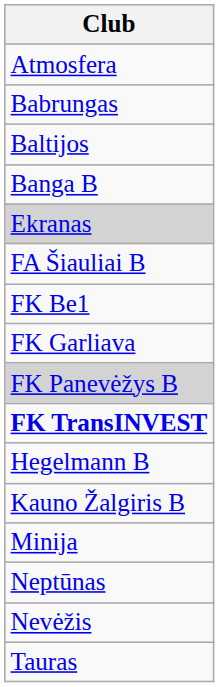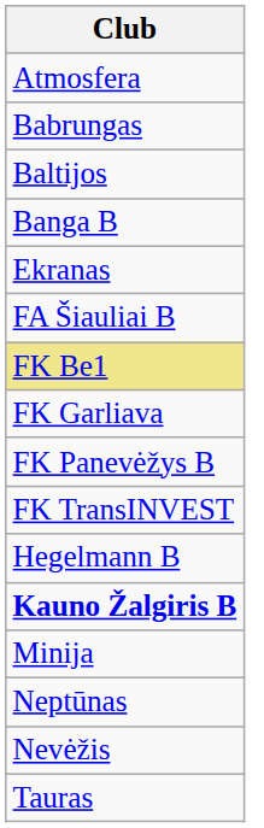 <table class="wikitable sortable">
 <tr>
 <th>Club</th>
 </tr>
 <tr>
 <td><a href='#'>Atmosfera</a></td>
 </tr>
 <tr>
 <td><a href='#'>Babrungas</a></td>
 </tr>
 <tr>
 <td><a href='#'>Baltijos</a></td>
 </tr>
 <tr>
 <td><a href='#'>Banga B</a></td>
 </tr>
 <tr>
-<td style="background: lightgrey;"><a href='#'>Ekranas</a></td>
+<td><a href='#'>Ekranas</a></td>
 </tr>
 <tr>
 <td><a href='#'>FA Šiauliai B</a></td>
 </tr>
 <tr>
-<td><a href='#'>FK Be1</a></td>
+<td style="background: khaki;"><a href='#'>FK Be1</a></td>
 </tr>
 <tr>
 <td><a href='#'>FK Garliava</a></td>
 </tr>
 <tr>
-<td style="background: lightgrey;"><a href='#'>FK Panevėžys B</a></td>
+<td><a href='#'>FK Panevėžys B</a></td>
 </tr>
 <tr>
-<td><strong><a href='#'>FK TransINVEST</a></strong></td>
+<td><a href='#'>FK TransINVEST</a></td>
 </tr>
 <tr>
 <td><a href='#'>Hegelmann B</a></td>
 </tr>
 <tr>
-<td><a href='#'>Kauno Žalgiris B</a></td>
+<td><strong><a href='#'>Kauno Žalgiris B</a></strong></td>
 </tr>
 <tr>
 <td><a href='#'>Minija</a></td>
 </tr>
 <tr>
 <td><a href='#'>Neptūnas</a></td>
 </tr>
 <tr>
 <td><a href='#'>Nevėžis</a></td>
 </tr>
 <tr>
 <td><a href='#'>Tauras</a></td>
 </tr>
 </table>
